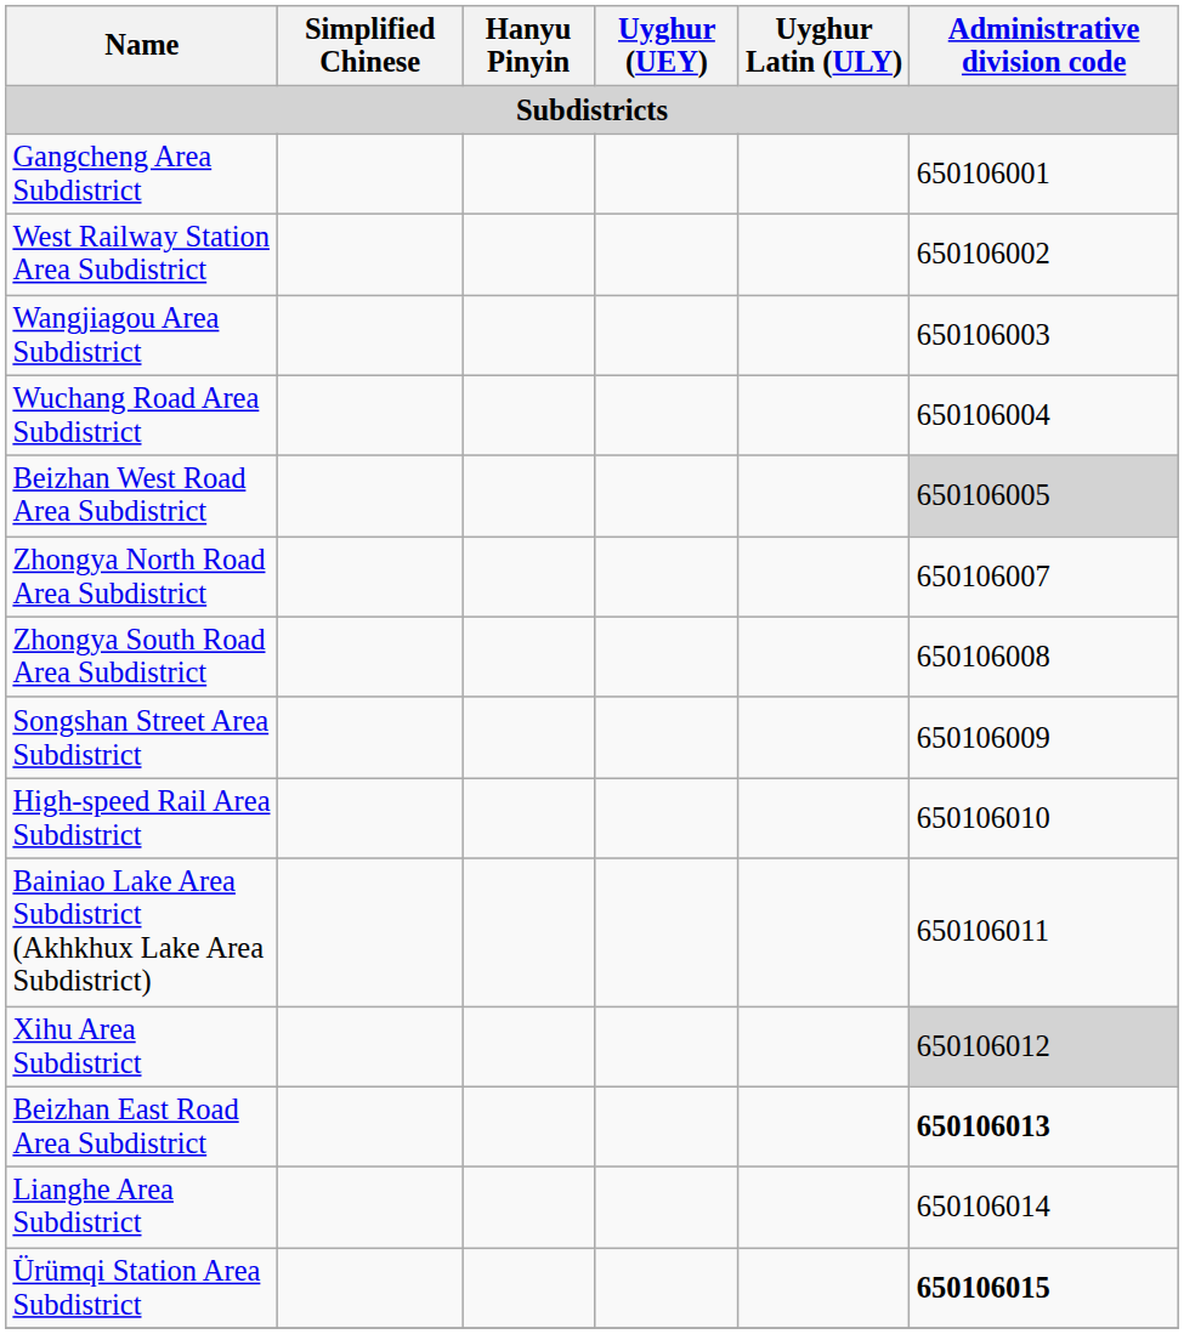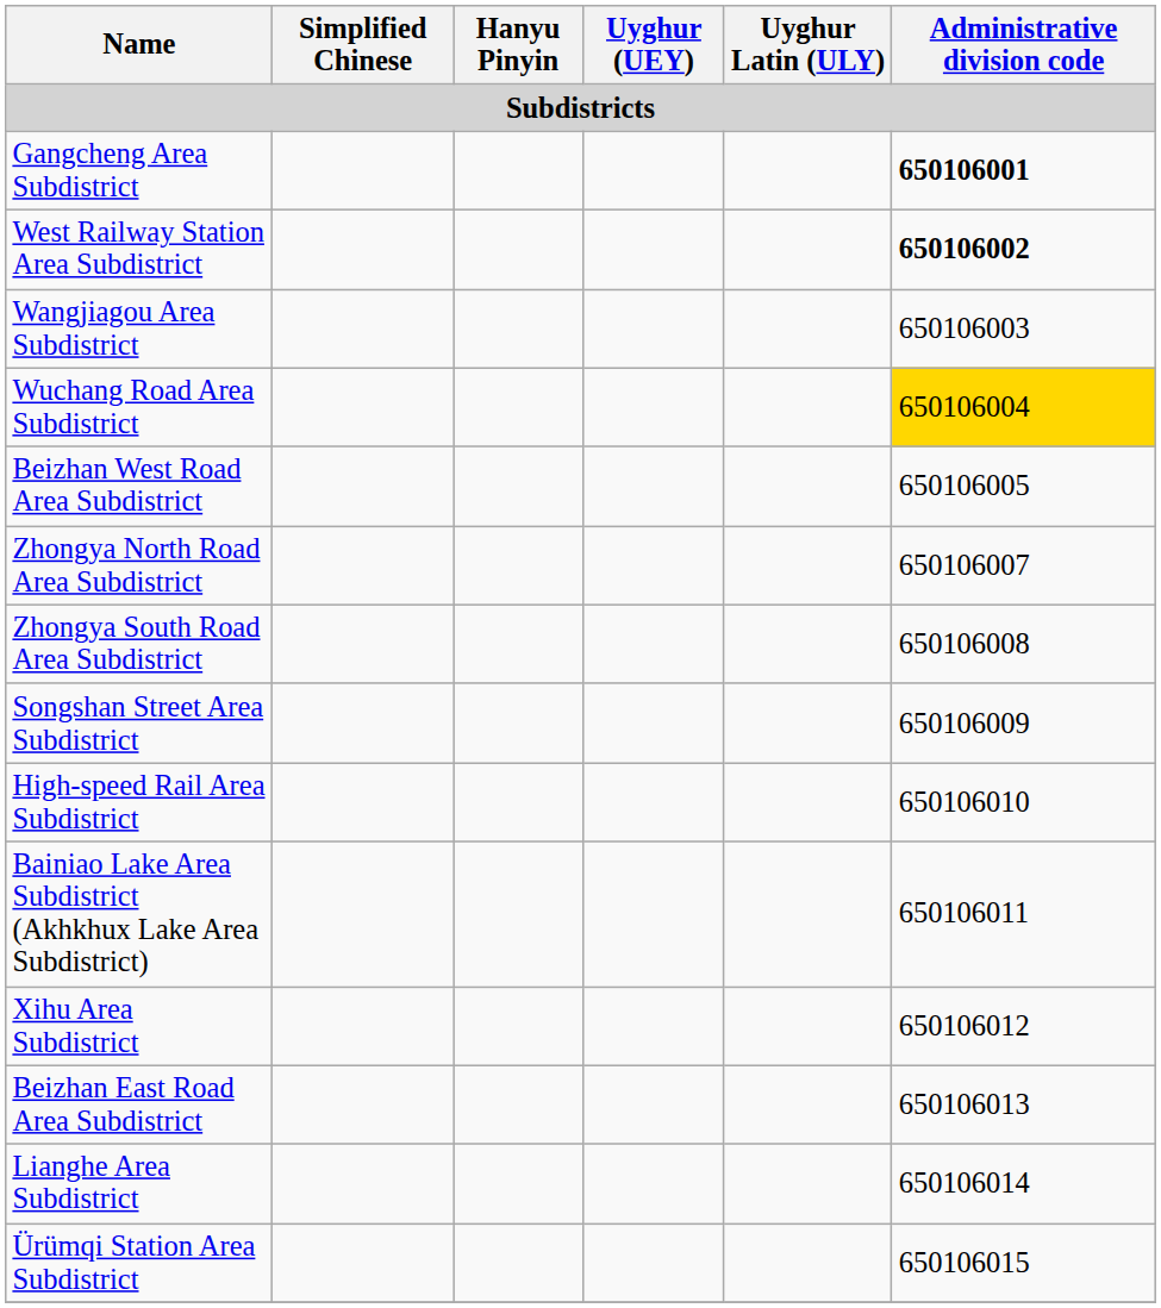 <table class="wikitable" align="center" style="width:50%; border="1">
 <tr>
 <th>Name</th>
 <th>Simplified Chinese</th>
 <th>Hanyu Pinyin</th>
 <th><a href='#'>Uyghur</a> (<a href='#'>UEY</a>)</th>
 <th>Uyghur Latin (<a href='#'>ULY</a>)</th>
 <th><a href='#'>Administrative division code</a></th>
 </tr>
 <tr>
 <td colspan="7"  style="text-align:center; background:#d3d3d3;"><strong>Subdistricts</strong></td>
 </tr>
 <tr --------->
 <td><a href='#'>Gangcheng Area Subdistrict</a></td>
 <td></td>
 <td></td>
 <td></td>
 <td></td>
-<td>650106001</td>
+<td><strong>650106001</strong></td>
 </tr>
 <tr>
 <td><a href='#'>West Railway Station Area Subdistrict</a></td>
 <td></td>
 <td></td>
 <td></td>
 <td></td>
-<td>650106002</td>
+<td><strong>650106002</strong></td>
 </tr>
 <tr>
 <td><a href='#'>Wangjiagou Area Subdistrict</a></td>
 <td></td>
 <td></td>
 <td></td>
 <td></td>
 <td>650106003</td>
 </tr>
 <tr>
 <td><a href='#'>Wuchang Road Area Subdistrict</a></td>
 <td></td>
 <td></td>
 <td></td>
 <td></td>
-<td>650106004</td>
+<td style="background: gold;">650106004</td>
 </tr>
 <tr>
 <td><a href='#'>Beizhan West Road Area Subdistrict</a></td>
 <td></td>
 <td></td>
 <td></td>
 <td></td>
-<td style="background: lightgrey;">650106005</td>
+<td>650106005</td>
 </tr>
 <tr>
 <td><a href='#'>Zhongya North Road Area Subdistrict</a></td>
 <td></td>
 <td></td>
 <td></td>
 <td></td>
 <td>650106007</td>
 </tr>
 <tr>
 <td><a href='#'>Zhongya South Road Area Subdistrict</a></td>
 <td></td>
 <td></td>
 <td></td>
 <td></td>
 <td>650106008</td>
 </tr>
 <tr>
 <td><a href='#'>Songshan Street Area Subdistrict</a></td>
 <td></td>
 <td></td>
 <td></td>
 <td></td>
 <td>650106009</td>
 </tr>
 <tr>
 <td><a href='#'>High-speed Rail Area Subdistrict</a></td>
 <td></td>
 <td></td>
 <td></td>
 <td></td>
 <td>650106010</td>
 </tr>
 <tr>
 <td><a href='#'>Bainiao Lake Area Subdistrict</a><br>(Akhkhux Lake Area Subdistrict)</td>
 <td></td>
 <td></td>
 <td></td>
 <td></td>
 <td>650106011</td>
 </tr>
 <tr>
 <td><a href='#'>Xihu Area Subdistrict</a></td>
 <td></td>
 <td></td>
 <td></td>
 <td></td>
-<td style="background: lightgrey;">650106012</td>
+<td>650106012</td>
 </tr>
 <tr>
 <td><a href='#'>Beizhan East Road Area Subdistrict</a></td>
 <td></td>
 <td></td>
 <td></td>
 <td></td>
-<td><strong>650106013</strong></td>
+<td>650106013</td>
 </tr>
 <tr>
 <td><a href='#'>Lianghe Area Subdistrict</a></td>
 <td></td>
 <td></td>
 <td></td>
 <td></td>
 <td>650106014</td>
 </tr>
 <tr>
 <td><a href='#'>Ürümqi Station Area Subdistrict</a></td>
 <td></td>
 <td></td>
 <td></td>
 <td></td>
-<td><strong>650106015</strong></td>
+<td>650106015</td>
 </tr>
 <tr>
 </tr>
 </table>
